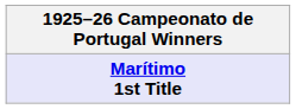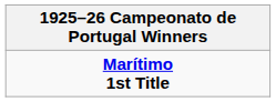 <table class="wikitable" style="text-align: center; margin: 0 auto; width: 20%">
 <tr>
 <th>1925–26 Campeonato de Portugal Winners</th>
 </tr>
 <tr>
-<td style="background: lavender;"><strong><a href='#'>Marítimo</a></strong><br><strong>1st Title</strong></td>
+<td><strong><a href='#'>Marítimo</a></strong><br><strong>1st Title</strong></td>
 </tr>
 </table>
